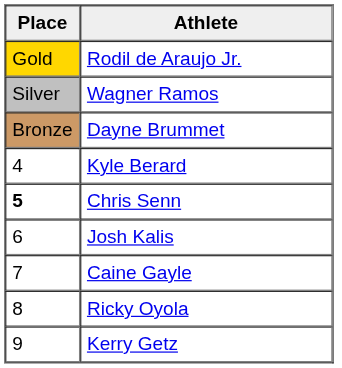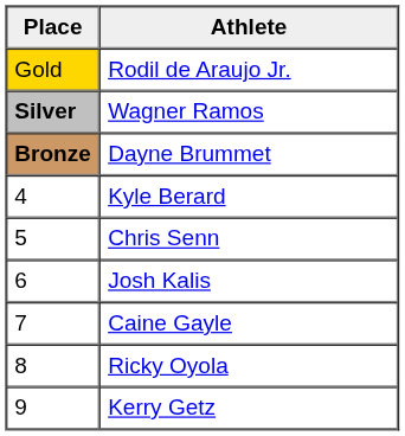 <table border=1 cellpadding=5 cellspacing=0>
 <tr>
 <th style="background:#efefef;" width="20">Place</th>
 <th style="background:#efefef;" width="200">Athlete</th>
 </tr>
 <tr align=left>
 <td style="background:gold;">Gold</td>
 <td><a href='#'>Rodil de Araujo Jr.</a></td>
 </tr>
 <tr align=left>
-<td style="background:silver;">Silver</td>
+<td style="background:silver;"><strong>Silver</strong></td>
 <td><a href='#'>Wagner Ramos</a></td>
 </tr>
 <tr align=left>
-<td style="background:#CC9966;">Bronze</td>
+<td style="background:#CC9966;"><strong>Bronze</strong></td>
 <td><a href='#'>Dayne Brummet</a></td>
 </tr>
 <tr align=left>
 <td>4</td>
 <td><a href='#'>Kyle Berard</a></td>
 </tr>
 <tr align=left>
-<td><strong>5</strong></td>
+<td>5</td>
 <td><a href='#'>Chris Senn</a></td>
 </tr>
 <tr align=left>
 <td>6</td>
 <td><a href='#'>Josh Kalis</a></td>
 </tr>
 <tr align=left>
 <td>7</td>
 <td><a href='#'>Caine Gayle</a></td>
 </tr>
 <tr align=left>
 <td>8</td>
 <td><a href='#'>Ricky Oyola</a></td>
 </tr>
 <tr align=left>
 <td>9</td>
 <td><a href='#'>Kerry Getz</a></td>
 </tr>
 </table>
